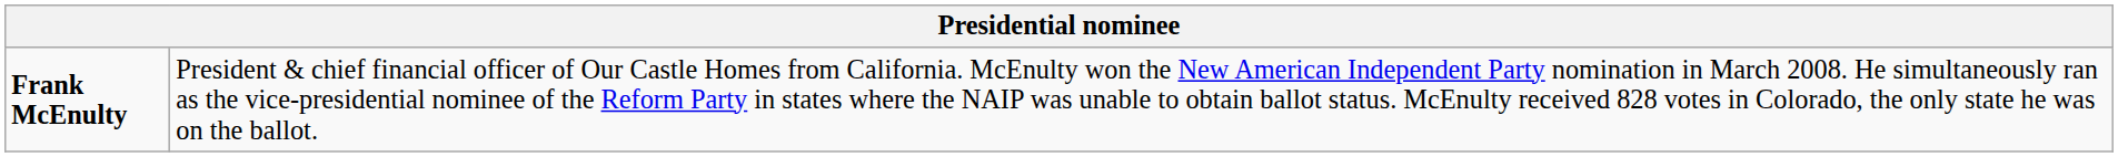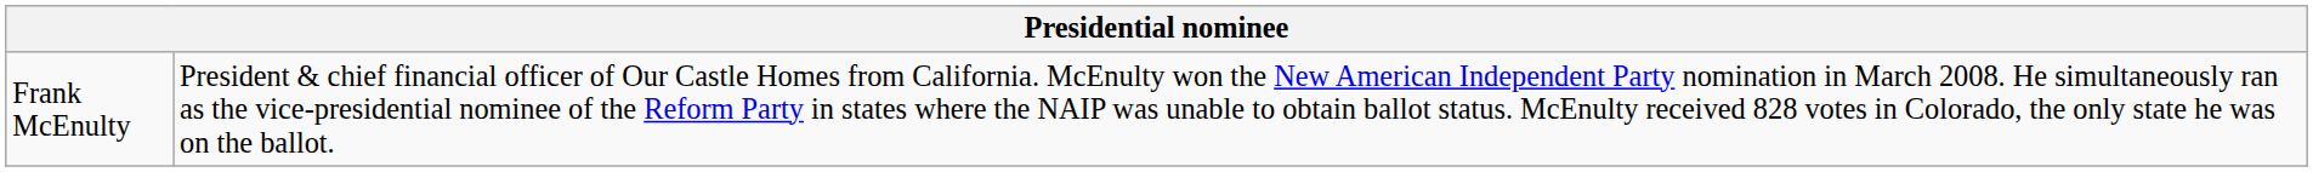 <table class=wikitable>
 <tr>
 <th colspan=2>Presidential nominee</th>
 </tr>
 <tr>
-<td><strong>Frank McEnulty</strong></td>
+<td>Frank McEnulty</td>
 <td>President & chief financial officer of Our Castle Homes from California. McEnulty won the <a href='#'>New American Independent Party</a> nomination in March 2008. He simultaneously ran as the vice-presidential nominee of the <a href='#'>Reform Party</a> in states where the NAIP was unable to obtain ballot status. McEnulty received 828 votes in Colorado, the only state he was on the ballot.</td>
 </tr>
 </table>
